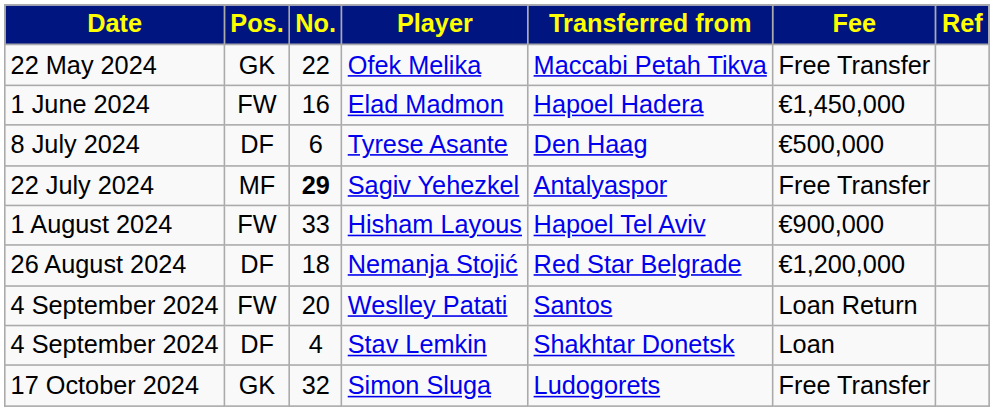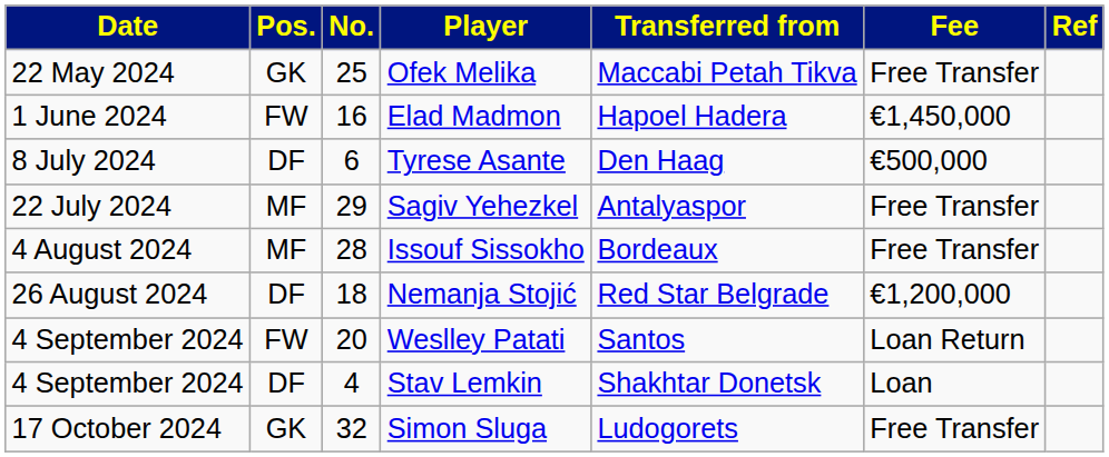 <table class="wikitable plainrowheaders sortable">
 <tr>
 <th style="background:#00157F; color:#FFFF00; ">Date</th>
 <th style="background:#00157F; color:#FFFF00; ">Pos.</th>
 <th style="background:#00157F; color:#FFFF00; ">No.</th>
 <th style="background:#00157F; color:#FFFF00; ">Player</th>
 <th style="background:#00157F; color:#FFFF00; ">Transferred from</th>
 <th style="background:#00157F; color:#FFFF00; ">Fee</th>
 <th style="background:#00157F; color:#FFFF00; ">Ref</th>
 </tr>
 <tr>
 <td>22 May 2024</td>
 <td style="text-align:center;">GK</td>
-<td style="text-align:center;">22</td>
+<td style="text-align:center;">25</td>
 <td> <a href='#'>Ofek Melika</a></td>
 <td> <a href='#'>Maccabi Petah Tikva</a></td>
 <td>Free Transfer</td>
 <td></td>
 </tr>
 <tr>
 <td>1 June 2024</td>
 <td style="text-align:center;">FW</td>
 <td style="text-align:center;">16</td>
 <td> <a href='#'>Elad Madmon</a></td>
 <td> <a href='#'>Hapoel Hadera</a></td>
 <td>€1,450,000</td>
 <td></td>
 </tr>
 <tr>
 <td>8 July 2024</td>
 <td style="text-align:center;">DF</td>
 <td style="text-align:center;">6</td>
 <td> <a href='#'>Tyrese Asante</a></td>
 <td> <a href='#'>Den Haag</a></td>
 <td>€500,000</td>
 <td></td>
 </tr>
 <tr>
 <td>22 July 2024</td>
 <td style="text-align:center;">MF</td>
-<td style="text-align:center;"><strong>29</strong></td>
+<td style="text-align:center;">29</td>
 <td> <a href='#'>Sagiv Yehezkel</a></td>
 <td> <a href='#'>Antalyaspor</a></td>
 <td>Free Transfer</td>
 <td></td>
 </tr>
 <tr>
-<td>1 August 2024</td>
-<td style="text-align:center;">FW</td>
-<td style="text-align:center;">33</td>
-<td> <a href='#'>Hisham Layous</a></td>
-<td> <a href='#'>Hapoel Tel Aviv</a></td>
-<td>€900,000</td>
+<td>4 August 2024</td>
+<td style="text-align:center;">MF</td>
+<td style="text-align:center;">28</td>
+<td> <a href='#'>Issouf Sissokho</a></td>
+<td> <a href='#'>Bordeaux</a></td>
+<td>Free Transfer</td>
 <td></td>
 </tr>
 <tr>
 <td>26 August 2024</td>
 <td style="text-align:center;">DF</td>
 <td style="text-align:center;">18</td>
 <td> <a href='#'>Nemanja Stojić</a></td>
 <td> <a href='#'>Red Star Belgrade</a></td>
 <td>€1,200,000</td>
 <td></td>
 </tr>
 <tr>
 <td>4 September 2024</td>
 <td style="text-align:center;">FW</td>
 <td style="text-align:center;">20</td>
 <td> <a href='#'>Weslley Patati</a></td>
 <td> <a href='#'>Santos</a></td>
 <td>Loan Return</td>
 <td></td>
 </tr>
 <tr>
 <td>4 September 2024</td>
 <td style="text-align:center;">DF</td>
 <td style="text-align:center;">4</td>
 <td> <a href='#'>Stav Lemkin</a></td>
 <td> <a href='#'>Shakhtar Donetsk</a></td>
 <td>Loan</td>
 <td></td>
 </tr>
 <tr>
 <td>17 October 2024</td>
 <td style="text-align:center;">GK</td>
 <td style="text-align:center;">32</td>
 <td> <a href='#'>Simon Sluga</a></td>
 <td> <a href='#'>Ludogorets</a></td>
 <td>Free Transfer</td>
 <td></td>
 </tr>
 </table>
